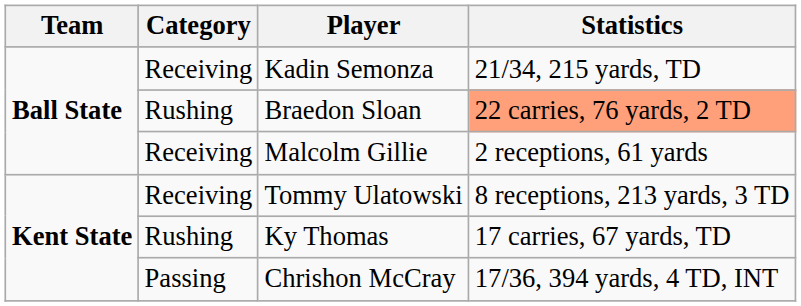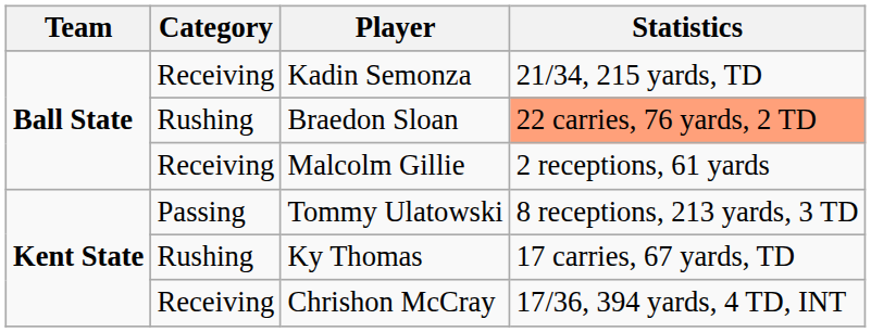 <table class="wikitable" style="float: right;">
 <tr>
 <th>Team</th>
 <th>Category</th>
 <th>Player</th>
 <th>Statistics</th>
 </tr>
 <tr>
 <td rowspan=3><strong>Ball State</strong></td>
 <td>Receiving</td>
 <td>Kadin Semonza</td>
 <td>21/34, 215 yards, TD</td>
 </tr>
 <tr>
 <td>Rushing</td>
 <td>Braedon Sloan</td>
 <td style="background: lightsalmon;">22 carries, 76 yards, 2 TD</td>
 </tr>
 <tr>
 <td>Receiving</td>
 <td>Malcolm Gillie</td>
 <td>2 receptions, 61 yards</td>
 </tr>
 <tr>
 <td rowspan=3><strong>Kent State</strong></td>
-<td>Receiving</td>
+<td>Passing</td>
 <td>Tommy Ulatowski</td>
 <td>8 receptions, 213 yards, 3 TD</td>
 </tr>
 <tr>
 <td>Rushing</td>
 <td>Ky Thomas</td>
 <td>17 carries, 67 yards, TD</td>
 </tr>
 <tr>
-<td>Passing</td>
+<td>Receiving</td>
 <td>Chrishon McCray</td>
 <td>17/36, 394 yards, 4 TD, INT</td>
 </tr>
 </table>
